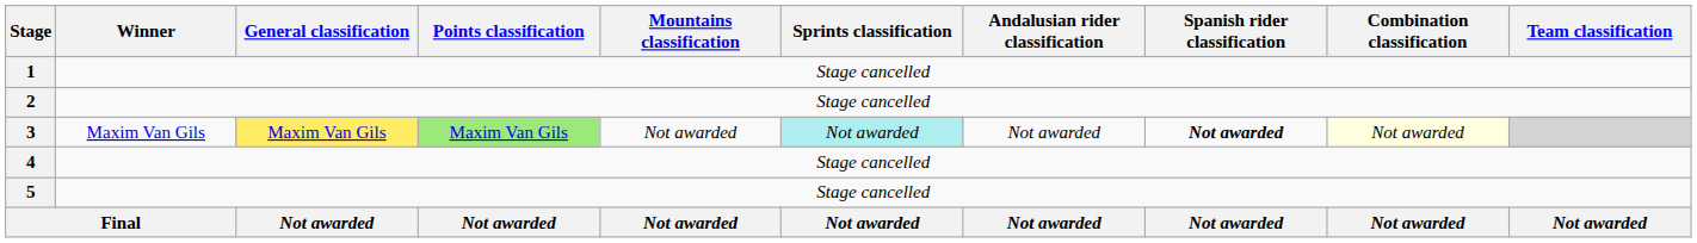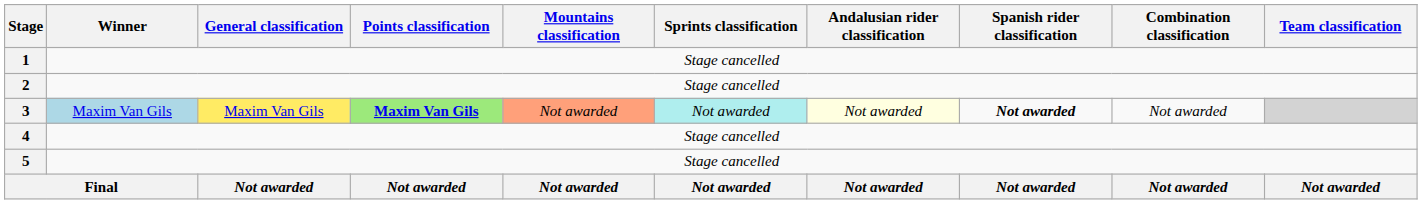 <table class="wikitable" style="text-align: center; font-size:smaller;">
 <tr style="background:#efefef;">
 <th width="1%">Stage</th>
 <th width="11%">Winner</th>
 <th width="11%"><a href='#'>General classification</a><br></th>
 <th width="11%"><a href='#'>Points classification</a><br></th>
 <th width="11%"><a href='#'>Mountains classification</a><br></th>
 <th width="11%">Sprints classification<br></th>
 <th width="11%">Andalusian rider classification<br></th>
 <th width="11%">Spanish rider classification</th>
 <th width="11%">Combination classification</th>
 <th width="11%"><a href='#'>Team classification</a></th>
 </tr>
 <tr>
 <th>1</th>
 <td colspan="9"><em>Stage cancelled</em></td>
 </tr>
 <tr>
 <th>2</th>
 <td colspan="9"><em>Stage cancelled</em></td>
 </tr>
 <tr>
 <th>3</th>
-<td><a href='#'>Maxim Van Gils</a></td>
+<td style="background: lightblue;"><a href='#'>Maxim Van Gils</a></td>
 <td style="background:#FFEB64;"><a href='#'>Maxim Van Gils</a></td>
-<td style="background:#9CE97B;"><a href='#'>Maxim Van Gils</a></td>
+<td style="background:#9CE97B;"><strong><a href='#'>Maxim Van Gils</a></strong></td>
+<td style="background: lightsalmon;"><em>Not awarded</em></td>
+<td style="background: paleturquoise;"><em>Not awarded</em></td>
+<td style="background: lightyellow;"><em>Not awarded</em></td>
+<td><strong><em>Not awarded</em></strong></td>
 <td><em>Not awarded</em></td>
-<td style="background: paleturquoise;"><em>Not awarded</em></td>
-<td><em>Not awarded</em></td>
-<td><strong><em>Not awarded</em></strong></td>
-<td style="background: lightyellow;"><em>Not awarded</em></td>
 <td style="background:lightgrey;"></td>
 </tr>
 <tr>
 <th>4</th>
 <td colspan="9"><em>Stage cancelled</em></td>
 </tr>
 <tr>
 <th>5</th>
 <td colspan="9"><em>Stage cancelled</em></td>
 </tr>
 <tr>
 <th colspan="2">Final</th>
 <th><em>Not awarded</em></th>
 <th><em>Not awarded</em></th>
 <th><em>Not awarded</em></th>
 <th><em>Not awarded</em></th>
 <th><em>Not awarded</em></th>
 <th><em>Not awarded</em></th>
 <th><em>Not awarded</em></th>
 <th><em>Not awarded</em></th>
 </tr>
 </table>
